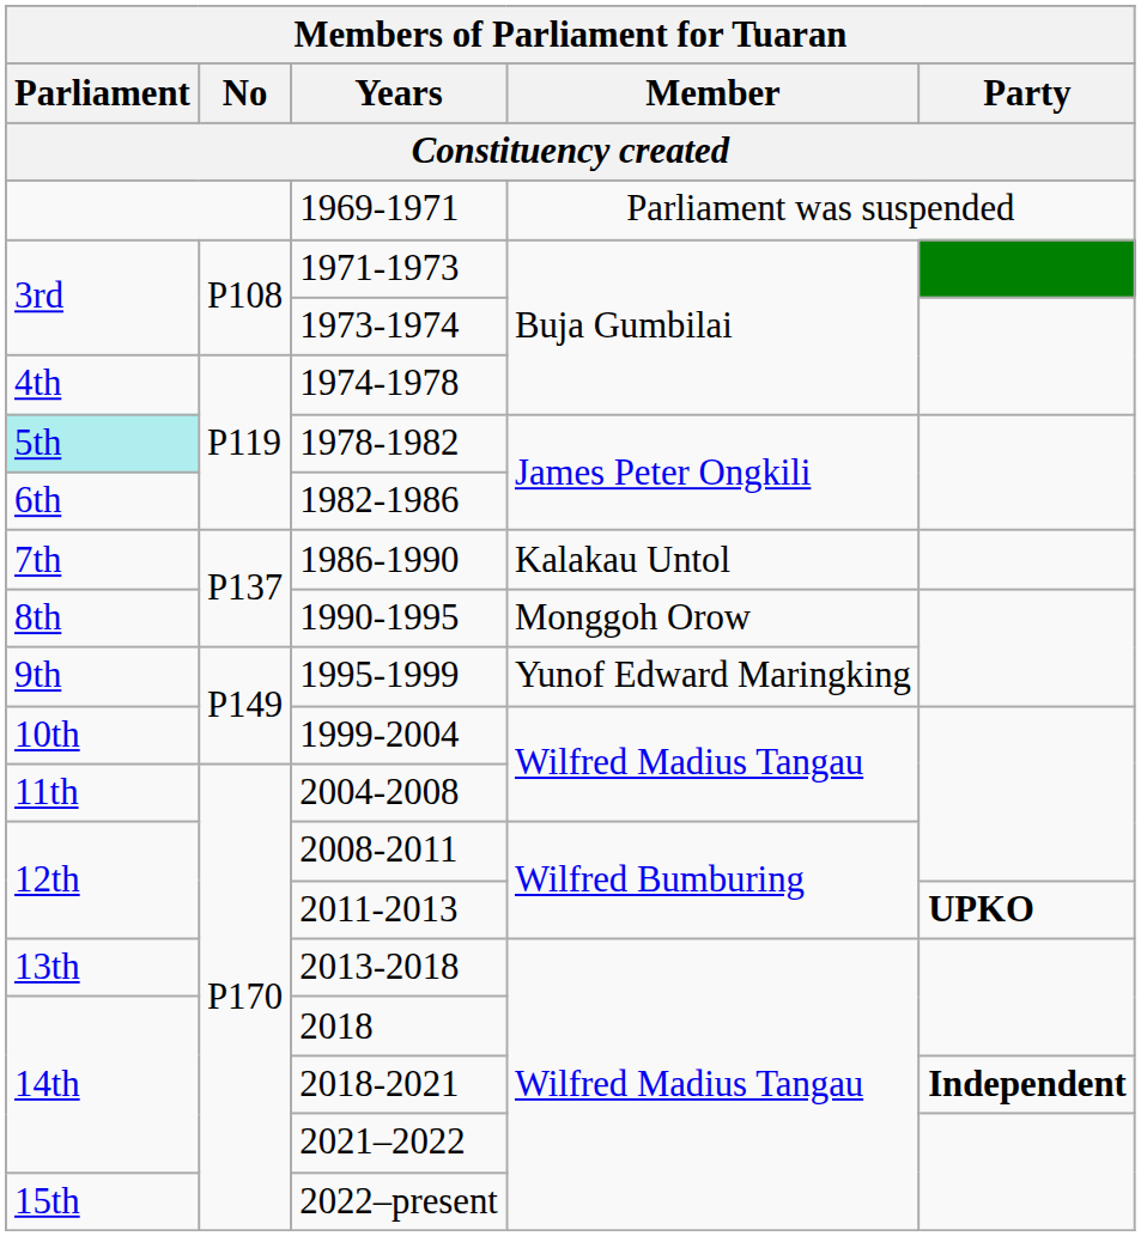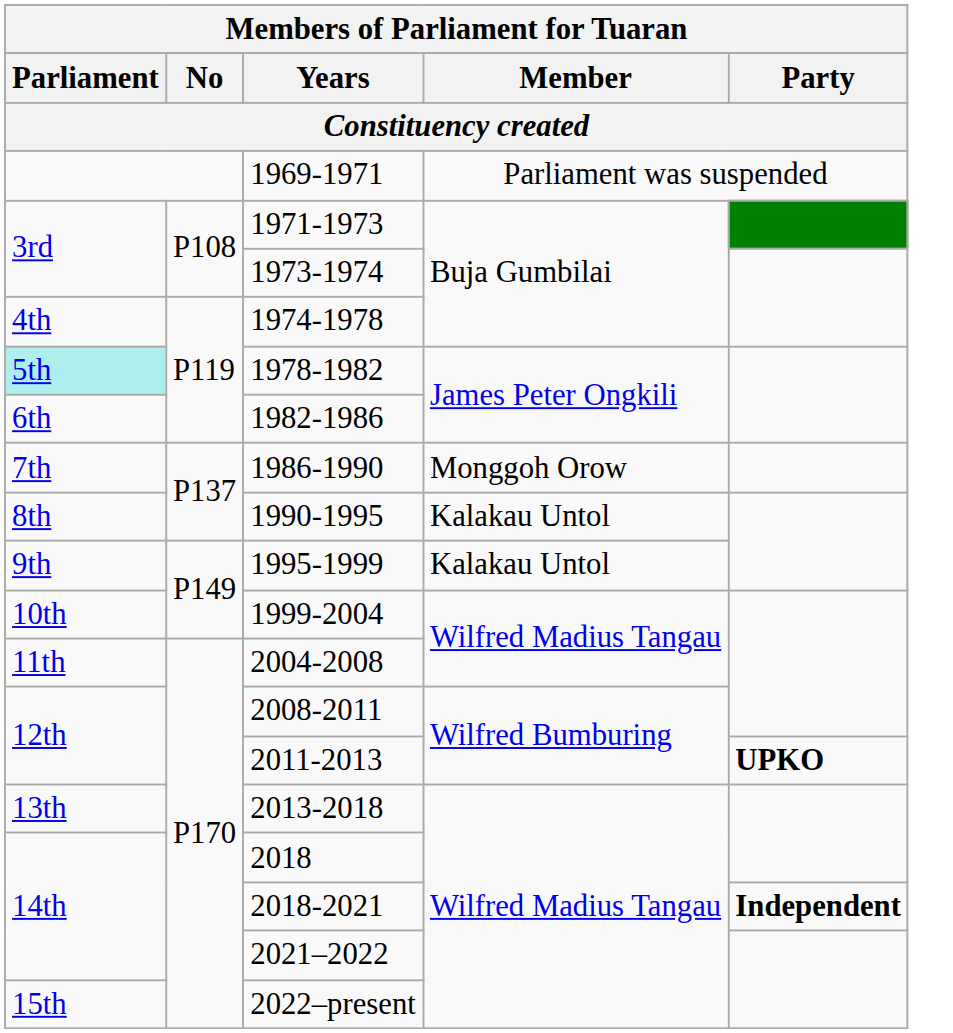 <table class=wikitable>
 <tr>
 <th colspan="5">Members of Parliament for Tuaran</th>
 </tr>
 <tr>
 <th>Parliament</th>
 <th>No</th>
 <th>Years</th>
 <th>Member</th>
 <th>Party</th>
 </tr>
 <tr>
 <th colspan="5" align="center"><em>Constituency created</em></th>
 </tr>
 <tr>
 <td colspan="2"></td>
 <td>1969-1971</td>
 <td colspan=2 align=center>Parliament was suspended</td>
 </tr>
 <tr>
 <td rowspan=2><a href='#'>3rd</a></td>
 <td rowspan="2">P108</td>
 <td>1971-1973</td>
 <td rowspan=3>Buja Gumbilai</td>
 <td bgcolor=#008000></td>
 </tr>
 <tr>
 <td>1973-1974</td>
 <td rowspan="2"></td>
 </tr>
 <tr>
 <td><a href='#'>4th</a></td>
 <td rowspan="3">P119</td>
 <td>1974-1978</td>
 </tr>
 <tr>
 <td style="background: paleturquoise;"><a href='#'>5th</a></td>
 <td>1978-1982</td>
 <td rowspan=2><a href='#'>James Peter Ongkili</a></td>
 <td rowspan="2"></td>
 </tr>
 <tr>
 <td><a href='#'>6th</a></td>
 <td>1982-1986</td>
 </tr>
 <tr>
 <td><a href='#'>7th</a></td>
 <td rowspan="2">P137</td>
 <td>1986-1990</td>
-<td>Kalakau Untol</td>
+<td>Monggoh Orow</td>
 <td></td>
 </tr>
 <tr>
 <td><a href='#'>8th</a></td>
 <td>1990-1995</td>
-<td>Monggoh Orow</td>
+<td>Kalakau Untol</td>
 <td rowspan=2 bgcolor=></td>
 </tr>
 <tr>
 <td><a href='#'>9th</a></td>
 <td rowspan="2">P149</td>
 <td>1995-1999</td>
-<td>Yunof Edward Maringking</td>
+<td>Kalakau Untol</td>
 </tr>
 <tr>
 <td><a href='#'>10th</a></td>
 <td>1999-2004</td>
 <td rowspan=2><a href='#'>Wilfred Madius Tangau</a></td>
 <td rowspan=3></td>
 </tr>
 <tr>
 <td><a href='#'>11th</a></td>
 <td rowspan="8">P170</td>
 <td>2004-2008</td>
 </tr>
 <tr>
 <td rowspan=2><a href='#'>12th</a></td>
 <td>2008-2011</td>
 <td rowspan=2><a href='#'>Wilfred Bumburing</a></td>
 </tr>
 <tr>
 <td>2011-2013</td>
 <td><strong>UPKO</strong></td>
 </tr>
 <tr>
 <td><a href='#'>13th</a></td>
 <td>2013-2018</td>
 <td rowspan="5"><a href='#'>Wilfred Madius Tangau</a></td>
 <td rowspan=2></td>
 </tr>
 <tr>
 <td rowspan="3"><a href='#'>14th</a></td>
 <td>2018</td>
 </tr>
 <tr>
 <td>2018-2021</td>
 <td><strong>Independent</strong></td>
 </tr>
 <tr>
 <td>2021–2022</td>
 <td rowspan="2"></td>
 </tr>
 <tr>
 <td><a href='#'>15th</a></td>
 <td>2022–present</td>
 </tr>
 </table>
